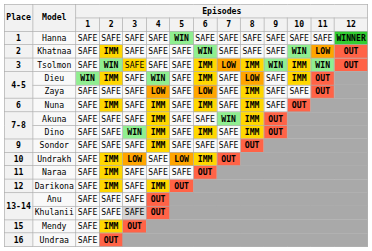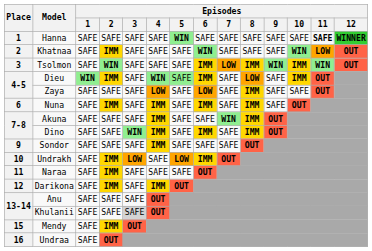 <table class="wikitable" style="text-align:center; font-size:92%">
 <tr>
 <th rowspan="2">Place</th>
 <th rowspan="2">Model</th>
 <th colspan="18">Episodes</th>
 </tr>
 <tr>
 <th>1</th>
 <th>2</th>
 <th>3</th>
 <th>4</th>
 <th>5</th>
 <th>6</th>
 <th>7</th>
 <th>8</th>
 <th>9</th>
 <th>10</th>
 <th>11</th>
 <th>12</th>
 </tr>
 <tr>
 <th>1</th>
 <td>Hanna</td>
 <td>SAFE</td>
 <td>SAFE</td>
 <td>SAFE</td>
 <td>SAFE</td>
 <td style="background:lightgreen;"><strong>WIN</strong></td>
 <td>SAFE</td>
 <td>SAFE</td>
 <td>SAFE</td>
 <td>SAFE</td>
 <td>SAFE</td>
-<td>SAFE</td>
+<td><strong>SAFE</strong></td>
 <td style="background:limegreen;"><strong>WINNER</strong></td>
 </tr>
 <tr>
 <th>2</th>
 <td>Khatnaa</td>
 <td>SAFE</td>
 <td style="background:gold;"><strong>IMM</strong></td>
 <td>SAFE</td>
 <td>SAFE</td>
 <td>SAFE</td>
 <td style="background:lightgreen;"><strong>WIN</strong></td>
 <td>SAFE</td>
 <td>SAFE</td>
 <td>SAFE</td>
 <td style="background:lightgreen;"><strong>WIN</strong></td>
 <td style="background:orange;"><strong>LOW</strong></td>
 <td style="background:tomato;"><strong>OUT</strong></td>
 </tr>
 <tr>
 <th>3</th>
 <td>Tsolmon</td>
 <td>SAFE</td>
 <td style="background:lightgreen;"><strong>WIN</strong></td>
-<td style="background: gold;">SAFE</td>
+<td>SAFE</td>
 <td>SAFE</td>
 <td>SAFE</td>
 <td style="background:gold;"><strong>IMM</strong></td>
 <td style="background:orange;"><strong>LOW</strong></td>
 <td style="background:gold;"><strong>IMM</strong></td>
 <td style="background:lightgreen;"><strong>WIN</strong></td>
 <td style="background:gold;"><strong>IMM</strong></td>
 <td style="background:lightgreen;"><strong>WIN</strong></td>
 <td style="background:tomato;"><strong>OUT</strong></td>
 </tr>
 <tr>
 <th rowspan="2">4-5</th>
 <td>Dieu</td>
 <td style="background:lightgreen;"><strong>WIN</strong></td>
 <td style="background:gold;"><strong>IMM</strong></td>
 <td>SAFE</td>
 <td style="background:lightgreen;"><strong>WIN</strong></td>
-<td>SAFE</td>
+<td style="background: lightgreen;">SAFE</td>
 <td style="background:gold;"><strong>IMM</strong></td>
 <td>SAFE</td>
 <td style="background:orange;"><strong>LOW</strong></td>
 <td>SAFE</td>
 <td style="background:gold;"><strong>IMM</strong></td>
 <td style="background:tomato;"><strong>OUT</strong></td>
 <td style="background:darkgrey;" colspan="15"></td>
 </tr>
 <tr>
 <td>Zaya</td>
 <td>SAFE</td>
 <td>SAFE</td>
 <td>SAFE</td>
 <td style="background:orange;"><strong>LOW</strong></td>
 <td>SAFE</td>
 <td style="background:orange;"><strong>LOW</strong></td>
 <td>SAFE</td>
 <td style="background:gold;"><strong>IMM</strong></td>
 <td>SAFE</td>
 <td>SAFE</td>
 <td style="background:tomato;"><strong>OUT</strong></td>
 <td style="background:darkgrey;" colspan="15"></td>
 </tr>
 <tr>
 <th>6</th>
 <td>Nuna</td>
 <td>SAFE</td>
 <td style="background:gold;"><strong>IMM</strong></td>
 <td>SAFE</td>
 <td style="background:gold;"><strong>IMM</strong></td>
 <td>SAFE</td>
 <td style="background:gold;"><strong>IMM</strong></td>
 <td>SAFE</td>
 <td style="background:gold;"><strong>IMM</strong></td>
 <td>SAFE</td>
 <td style="background:tomato;"><strong>OUT</strong></td>
 <td style="background:darkgrey;" colspan="12"></td>
 </tr>
 <tr>
 <th rowspan="2">7-8</th>
 <td>Akuna</td>
 <td>SAFE</td>
 <td>SAFE</td>
 <td>SAFE</td>
 <td style="background:gold;"><strong>IMM</strong></td>
 <td>SAFE</td>
 <td>SAFE</td>
 <td style="background:lightgreen;"><strong>WIN</strong></td>
 <td style="background:gold;"><strong>IMM</strong></td>
 <td style="background:tomato;"><strong>OUT</strong></td>
 <td style="background:darkgrey;" colspan="12"></td>
 </tr>
 <tr>
 <td>Dino</td>
 <td>SAFE</td>
 <td>SAFE</td>
 <td style="background:lightgreen;"><strong>WIN</strong></td>
 <td style="background:gold;"><strong>IMM</strong></td>
 <td>SAFE</td>
 <td style="background:gold;"><strong>IMM</strong></td>
 <td>SAFE</td>
 <td style="background:gold;"><strong>IMM</strong></td>
 <td style="background:tomato;"><strong>OUT</strong></td>
 <td style="background:darkgrey;" colspan="12"></td>
 </tr>
 <tr>
 <th>9</th>
 <td>Sondor</td>
 <td>SAFE</td>
 <td>SAFE</td>
 <td>SAFE</td>
 <td style="background:gold;"><strong>IMM</strong></td>
 <td>SAFE</td>
 <td>SAFE</td>
 <td>SAFE</td>
 <td style="background:tomato;"><strong>OUT</strong></td>
 <td style="background:darkgrey;" colspan="12"></td>
 </tr>
 <tr>
 <th>10</th>
 <td>Undrakh</td>
 <td>SAFE</td>
 <td style="background:gold;"><strong>IMM</strong></td>
 <td style="background:orange;"><strong>LOW</strong></td>
 <td>SAFE</td>
 <td style="background:orange;"><strong>LOW</strong></td>
 <td style="background:gold;"><strong>IMM</strong></td>
 <td style="background:tomato;"><strong>OUT</strong></td>
 <td style="background:darkgrey;" colspan="12"></td>
 </tr>
 <tr>
 <th>11</th>
 <td>Naraa</td>
 <td>SAFE</td>
 <td style="background:gold;"><strong>IMM</strong></td>
 <td>SAFE</td>
 <td>SAFE</td>
 <td>SAFE</td>
 <td style="background:tomato;"><strong>OUT</strong></td>
 <td style="background:darkgrey;" colspan="12"></td>
 </tr>
 <tr>
 <th>12</th>
 <td>Darikona</td>
 <td>SAFE</td>
 <td style="background:gold;"><strong>IMM</strong></td>
 <td>SAFE</td>
 <td style="background:gold;"><strong>IMM</strong></td>
 <td style="background:tomato;"><strong>OUT</strong></td>
 <td style="background:darkgrey;" colspan="12"></td>
 </tr>
 <tr>
 <th rowspan="2">13-14</th>
 <td>Anu</td>
 <td>SAFE</td>
 <td>SAFE</td>
 <td>SAFE</td>
 <td style="background:tomato;"><strong>OUT</strong></td>
 <td style="background:darkgrey;" colspan="12"></td>
 </tr>
 <tr>
 <td>Khulanii</td>
 <td>SAFE</td>
 <td>SAFE</td>
 <td style="background: lightgrey;">SAFE</td>
 <td style="background:tomato;"><strong>OUT</strong></td>
 <td style="background:darkgrey;" colspan="15"></td>
 </tr>
 <tr>
 <th>15</th>
 <td>Mendy</td>
 <td>SAFE</td>
 <td style="background:gold;"><strong>IMM</strong></td>
 <td style="background:tomato;"><strong>OUT</strong></td>
 <td style="background:darkgrey;" colspan="15"></td>
 </tr>
 <tr>
 <th>16</th>
 <td>Undraa</td>
 <td>SAFE</td>
 <td style="background:tomato;"><strong>OUT</strong></td>
 <td style="background:darkgrey;" colspan="15"></td>
 </tr>
 </table>
